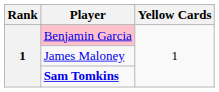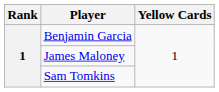 <table class="wikitable sortable" style="text-align:center">
 <tr>
 <th>Rank</th>
 <th>Player</th>
 <th> Yellow Cards</th>
 </tr>
 <tr>
 <th rowspan=3>1</th>
-<td align="left" style="background: pink;"> <a href='#'>Benjamin Garcia</a></td>
+<td align="left"> <a href='#'>Benjamin Garcia</a></td>
 <td Rowspan=3>1</td>
 </tr>
 <tr>
 <td align="left"> <a href='#'>James Maloney</a></td>
 </tr>
 <tr>
-<td align="left"><strong> <a href='#'>Sam Tomkins</a></strong></td>
+<td align="left"> <a href='#'>Sam Tomkins</a></td>
 </tr>
 </table>
